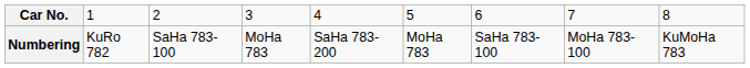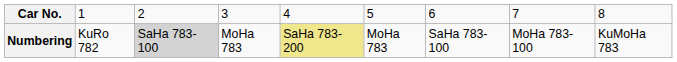 <table class="wikitable">
 <tr>
 <th>Car No.</th>
 <td>1</td>
 <td>2</td>
 <td>3</td>
 <td>4</td>
 <td>5</td>
 <td>6</td>
 <td>7</td>
 <td>8</td>
 </tr>
 <tr>
 <th>Numbering</th>
 <td>KuRo 782</td>
-<td>SaHa 783-100</td>
+<td style="background: lightgrey;">SaHa 783-100</td>
 <td>MoHa 783</td>
-<td>SaHa 783-200</td>
+<td style="background: khaki;">SaHa 783-200</td>
 <td>MoHa 783</td>
 <td>SaHa 783-100</td>
 <td>MoHa 783-100</td>
 <td>KuMoHa 783</td>
 </tr>
 </table>
